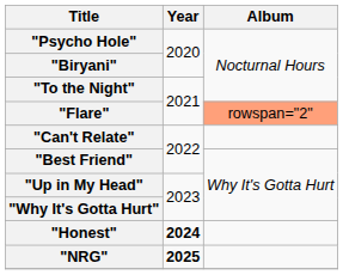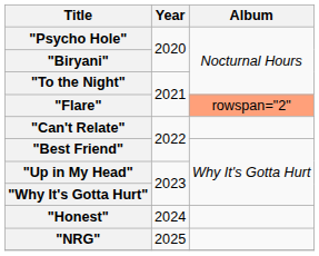 <table class="wikitable plainrowheaders" style="text-align:center;">
 <tr>
 <th>Title</th>
 <th>Year</th>
 <th>Album</th>
 </tr>
 <tr>
 <th scope="row">"Psycho Hole"</th>
 <td rowspan="2">2020</td>
 <td rowspan="3"><em>Nocturnal Hours</em></td>
 </tr>
 <tr>
 <th scope="row">"Biryani"</th>
 </tr>
 <tr>
 <th scope="row">"To the Night" </th>
 <td rowspan="2">2021</td>
 </tr>
 <tr>
 <th scope="row">"Flare"</th>
 <td style="background: lightsalmon;">rowspan="2" </td>
 </tr>
 <tr>
 <th scope="row">"Can't Relate"</th>
 <td rowspan="2">2022</td>
 </tr>
 <tr>
 <th scope="row">"Best Friend"</th>
 <td rowspan="3"><em>Why It's Gotta Hurt</em></td>
 </tr>
 <tr>
 <th scope="row">"Up in My Head"</th>
 <td rowspan="2">2023</td>
 </tr>
 <tr>
 <th scope="row">"Why It's Gotta Hurt"</th>
 </tr>
 <tr>
 <th scope="row">"Honest" </th>
-<td rowspan="1"><strong>2024</strong></td>
+<td rowspan="1">2024</td>
 <td></td>
 </tr>
 <tr>
 <th scope="row">"NRG"</th>
-<td rowspan="1"><strong>2025</strong></td>
+<td rowspan="1">2025</td>
 <td></td>
 </tr>
 <tr>
 </tr>
 </table>
